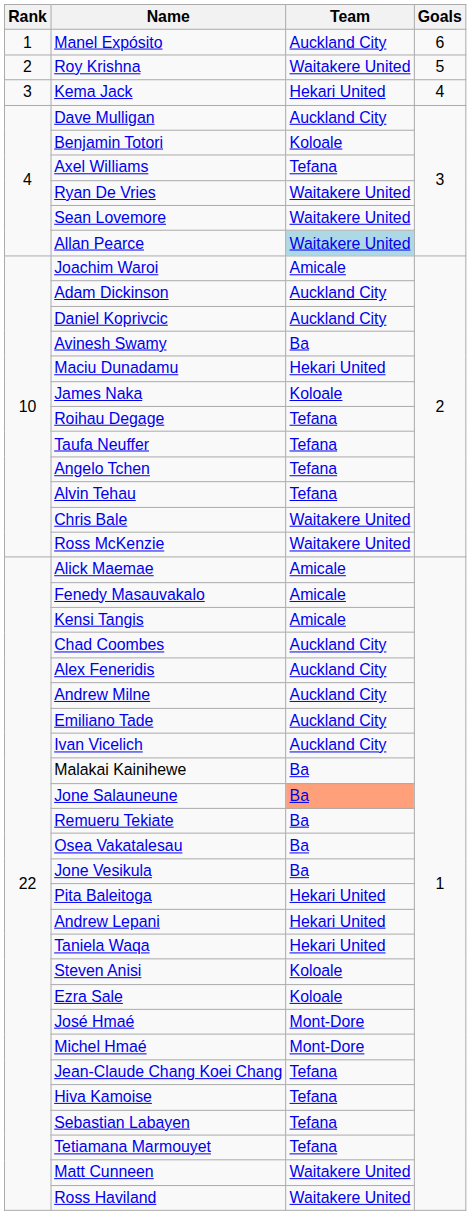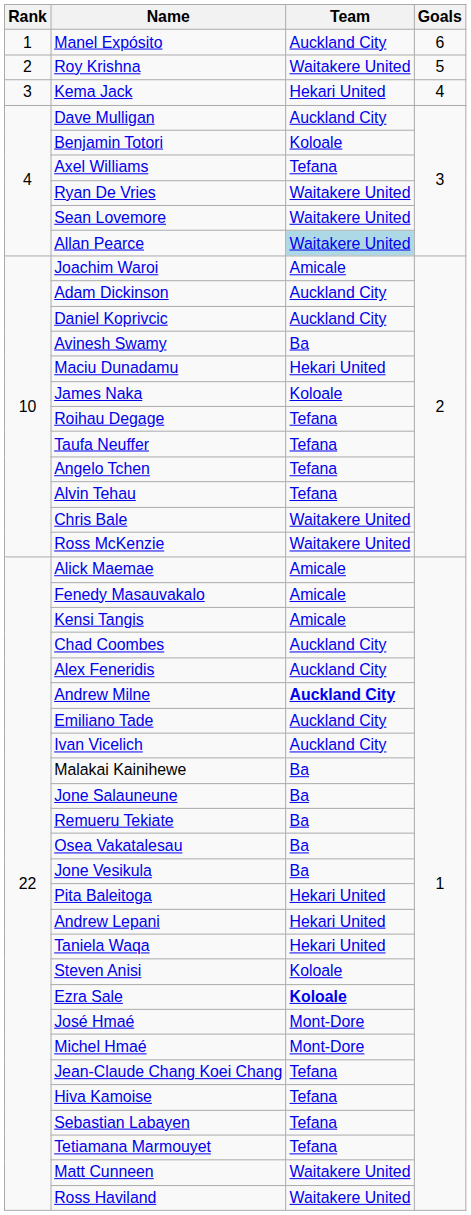 <table class="wikitable" style="text-align:center">
 <tr>
 <th>Rank</th>
 <th>Name</th>
 <th>Team</th>
 <th>Goals</th>
 </tr>
 <tr>
 <td rowspan="1" align=center>1</td>
 <td align="left"> <a href='#'>Manel Expósito</a></td>
 <td align="left"> <a href='#'>Auckland City</a></td>
 <td rowspan="1" align=center>6</td>
 </tr>
 <tr>
 <td rowspan="1" align=center>2</td>
 <td align="left"> <a href='#'>Roy Krishna</a></td>
 <td align="left"> <a href='#'>Waitakere United</a></td>
 <td rowspan="1" align=center>5</td>
 </tr>
 <tr>
 <td rowspan="1" align=center>3</td>
 <td align="left"> <a href='#'>Kema Jack</a></td>
 <td align="left"> <a href='#'>Hekari United</a></td>
 <td rowspan="1" align=center>4</td>
 </tr>
 <tr>
 <td rowspan="6" align=center>4</td>
 <td align="left"> <a href='#'>Dave Mulligan</a></td>
 <td align="left"> <a href='#'>Auckland City</a></td>
 <td rowspan="6" align=center>3</td>
 </tr>
 <tr>
 <td align="left"> <a href='#'>Benjamin Totori</a></td>
 <td align="left"> <a href='#'>Koloale</a></td>
 </tr>
 <tr>
 <td align="left"> <a href='#'>Axel Williams</a></td>
 <td align="left"> <a href='#'>Tefana</a></td>
 </tr>
 <tr>
 <td align="left"> <a href='#'>Ryan De Vries</a></td>
 <td align="left"> <a href='#'>Waitakere United</a></td>
 </tr>
 <tr>
 <td align="left"> <a href='#'>Sean Lovemore</a></td>
 <td align="left"> <a href='#'>Waitakere United</a></td>
 </tr>
 <tr>
 <td align="left"> <a href='#'>Allan Pearce</a></td>
 <td align="left" style="background: lightblue;"> <a href='#'>Waitakere United</a></td>
 </tr>
 <tr>
 <td rowspan="12" align=center>10</td>
 <td align="left"> <a href='#'>Joachim Waroi</a></td>
 <td align="left"> <a href='#'>Amicale</a></td>
 <td rowspan="12" align=center>2</td>
 </tr>
 <tr>
 <td align="left"> <a href='#'>Adam Dickinson</a></td>
 <td align="left"> <a href='#'>Auckland City</a></td>
 </tr>
 <tr>
 <td align="left"> <a href='#'>Daniel Koprivcic</a></td>
 <td align="left"> <a href='#'>Auckland City</a></td>
 </tr>
 <tr>
 <td align="left"> <a href='#'>Avinesh Swamy</a></td>
 <td align="left"> <a href='#'>Ba</a></td>
 </tr>
 <tr>
 <td align="left"> <a href='#'>Maciu Dunadamu</a></td>
 <td align="left"> <a href='#'>Hekari United</a></td>
 </tr>
 <tr>
 <td align="left"> <a href='#'>James Naka</a></td>
 <td align="left"> <a href='#'>Koloale</a></td>
 </tr>
 <tr>
 <td align="left"> <a href='#'>Roihau Degage</a></td>
 <td align="left"> <a href='#'>Tefana</a></td>
 </tr>
 <tr>
 <td align="left"> <a href='#'>Taufa Neuffer</a></td>
 <td align="left"> <a href='#'>Tefana</a></td>
 </tr>
 <tr>
 <td align="left"> <a href='#'>Angelo Tchen</a></td>
 <td align="left"> <a href='#'>Tefana</a></td>
 </tr>
 <tr>
 <td align="left"> <a href='#'>Alvin Tehau</a></td>
 <td align="left"> <a href='#'>Tefana</a></td>
 </tr>
 <tr>
 <td align="left"> <a href='#'>Chris Bale</a></td>
 <td align="left"> <a href='#'>Waitakere United</a></td>
 </tr>
 <tr>
 <td align="left"> <a href='#'>Ross McKenzie</a></td>
 <td align="left"> <a href='#'>Waitakere United</a></td>
 </tr>
 <tr>
 <td rowspan="26" align=center>22</td>
 <td align="left"> <a href='#'>Alick Maemae</a></td>
 <td align="left"> <a href='#'>Amicale</a></td>
 <td rowspan="26" align=center>1</td>
 </tr>
 <tr>
 <td align="left"> <a href='#'>Fenedy Masauvakalo</a></td>
 <td align="left"> <a href='#'>Amicale</a></td>
 </tr>
 <tr>
 <td align="left"> <a href='#'>Kensi Tangis</a></td>
 <td align="left"> <a href='#'>Amicale</a></td>
 </tr>
 <tr>
 <td align="left"> <a href='#'>Chad Coombes</a></td>
 <td align="left"> <a href='#'>Auckland City</a></td>
 </tr>
 <tr>
 <td align="left"> <a href='#'>Alex Feneridis</a></td>
 <td align="left"> <a href='#'>Auckland City</a></td>
 </tr>
 <tr>
 <td align="left"> <a href='#'>Andrew Milne</a></td>
-<td align="left"> <a href='#'>Auckland City</a></td>
+<td align="left"><strong> <a href='#'>Auckland City</a></strong></td>
 </tr>
 <tr>
 <td align="left"> <a href='#'>Emiliano Tade</a></td>
 <td align="left"> <a href='#'>Auckland City</a></td>
 </tr>
 <tr>
 <td align="left"> <a href='#'>Ivan Vicelich</a></td>
 <td align="left"> <a href='#'>Auckland City</a></td>
 </tr>
 <tr>
 <td align="left"> Malakai Kainihewe</td>
 <td align="left"> <a href='#'>Ba</a></td>
 </tr>
 <tr>
 <td align="left"> <a href='#'>Jone Salauneune</a></td>
-<td align="left" style="background: lightsalmon;"> <a href='#'>Ba</a></td>
+<td align="left"> <a href='#'>Ba</a></td>
 </tr>
 <tr>
 <td align="left"> <a href='#'>Remueru Tekiate</a></td>
 <td align="left"> <a href='#'>Ba</a></td>
 </tr>
 <tr>
 <td align="left"> <a href='#'>Osea Vakatalesau</a></td>
 <td align="left"> <a href='#'>Ba</a></td>
 </tr>
 <tr>
 <td align="left"> <a href='#'>Jone Vesikula</a></td>
 <td align="left"> <a href='#'>Ba</a></td>
 </tr>
 <tr>
 <td align="left"> <a href='#'>Pita Baleitoga</a></td>
 <td align="left"> <a href='#'>Hekari United</a></td>
 </tr>
 <tr>
 <td align="left"> <a href='#'>Andrew Lepani</a></td>
 <td align="left"> <a href='#'>Hekari United</a></td>
 </tr>
 <tr>
 <td align="left"> <a href='#'>Taniela Waqa</a></td>
 <td align="left"> <a href='#'>Hekari United</a></td>
 </tr>
 <tr>
 <td align="left"> <a href='#'>Steven Anisi</a></td>
 <td align="left"> <a href='#'>Koloale</a></td>
 </tr>
 <tr>
 <td align="left"> <a href='#'>Ezra Sale</a></td>
-<td align="left"> <a href='#'>Koloale</a></td>
+<td align="left"><strong> <a href='#'>Koloale</a></strong></td>
 </tr>
 <tr>
 <td align="left"> <a href='#'>José Hmaé</a></td>
 <td align="left"> <a href='#'>Mont-Dore</a></td>
 </tr>
 <tr>
 <td align="left"> <a href='#'>Michel Hmaé</a></td>
 <td align="left"> <a href='#'>Mont-Dore</a></td>
 </tr>
 <tr>
 <td align="left"> <a href='#'>Jean-Claude Chang Koei Chang</a></td>
 <td align="left"> <a href='#'>Tefana</a></td>
 </tr>
 <tr>
 <td align="left"> <a href='#'>Hiva Kamoise</a></td>
 <td align="left"> <a href='#'>Tefana</a></td>
 </tr>
 <tr>
 <td align="left"> <a href='#'>Sebastian Labayen</a></td>
 <td align="left"> <a href='#'>Tefana</a></td>
 </tr>
 <tr>
 <td align="left"> <a href='#'>Tetiamana Marmouyet</a></td>
 <td align="left"> <a href='#'>Tefana</a></td>
 </tr>
 <tr>
 <td align="left"> <a href='#'>Matt Cunneen</a></td>
 <td align="left"> <a href='#'>Waitakere United</a></td>
 </tr>
 <tr>
 <td align="left"> <a href='#'>Ross Haviland</a></td>
 <td align="left"> <a href='#'>Waitakere United</a></td>
 </tr>
 </table>
